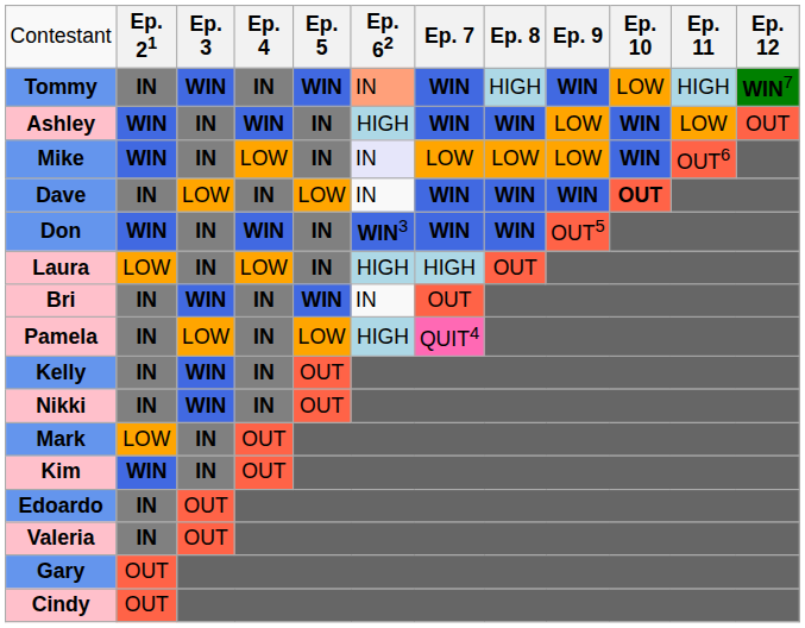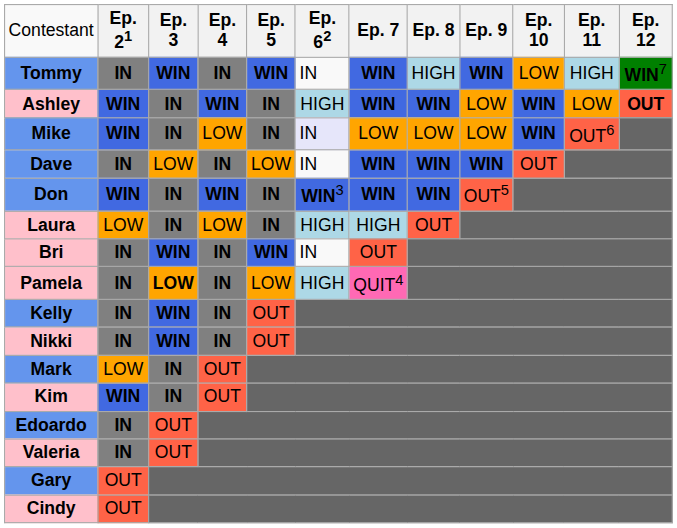 <table class="wikitable">
 <tr>
 <td align="center">Contestant</td>
 <th>Ep. 2<sup>1</sup></th>
 <th>Ep. 3</th>
 <th>Ep. 4</th>
 <th>Ep. 5</th>
 <th>Ep. 6<sup>2</sup></th>
 <th>Ep. 7</th>
 <th>Ep. 8</th>
 <th>Ep. 9</th>
 <th>Ep. 10</th>
 <th>Ep. 11</th>
 <th>Ep. 12</th>
 </tr>
 <tr>
 <td align="center" style="background:cornflowerblue;"><strong>Tommy</strong></td>
 <td align="center" style="background:gray;"><strong>IN</strong></td>
 <td align="center" style="background:royalblue;"><strong>WIN</strong></td>
 <td align="center" style="background:gray;"><strong>IN</strong></td>
 <td align="center" style="background:royalblue;"><strong>WIN</strong></td>
-<td style="background: lightsalmon;">IN</td>
+<td>IN</td>
 <td align="center" style="background:royalblue;"><strong>WIN</strong></td>
 <td align="center" style="background:lightblue;">HIGH</td>
 <td align="center" style="background:royalblue;"><strong>WIN</strong></td>
 <td align="center" style="background:orange;">LOW</td>
 <td align="center" style="background:lightblue;">HIGH</td>
 <td align="center" style="background:green;"><strong>WIN</strong><sup>7</sup></td>
 </tr>
 <tr>
 <td align="center" style="background:pink;"><strong>Ashley</strong></td>
 <td align="center" style="background:royalblue;"><strong>WIN</strong></td>
 <td align="center" style="background:gray;"><strong>IN</strong></td>
 <td align="center" style="background:royalblue;"><strong>WIN</strong></td>
 <td align="center" style="background:gray;"><strong>IN</strong></td>
 <td align="center" style="background:lightblue;">HIGH</td>
 <td align="center" style="background:royalblue;"><strong>WIN</strong></td>
 <td align="center" style="background:royalblue;"><strong>WIN</strong></td>
 <td align="center" style="background:orange;">LOW</td>
 <td align="center" style="background:royalblue;"><strong>WIN</strong></td>
 <td align="center" style="background:orange;">LOW</td>
-<td align="center" style="background:tomato;">OUT</td>
+<td align="center" style="background:tomato;"><strong>OUT</strong></td>
 </tr>
 <tr>
 <td align="center" style="background:cornflowerblue;"><strong>Mike</strong></td>
 <td align="center" style="background:royalblue;"><strong>WIN</strong></td>
 <td align="center" style="background:gray;"><strong>IN</strong></td>
 <td align="center" style="background:orange;">LOW</td>
 <td align="center" style="background:gray;"><strong>IN</strong></td>
 <td style="background: lavender;">IN</td>
 <td align="center" style="background:orange;">LOW</td>
 <td align="center" style="background:orange;">LOW</td>
 <td align="center" style="background:orange;">LOW</td>
 <td align="center" style="background:royalblue;"><strong>WIN</strong></td>
 <td align="center" style="background:tomato;">OUT<sup>6</sup></td>
 <td colspan="10" style="background:#666666;"></td>
 </tr>
 <tr>
 <td align="center" style="background:cornflowerblue;"><strong>Dave </strong></td>
 <td align="center" style="background:gray;"><strong>IN</strong></td>
 <td align="center" style="background:orange;">LOW</td>
 <td align="center" style="background:gray;"><strong>IN</strong></td>
 <td align="center" style="background:orange;">LOW</td>
 <td>IN</td>
 <td align="center" style="background:royalblue;"><strong>WIN</strong></td>
 <td align="center" style="background:royalblue;"><strong>WIN</strong></td>
 <td align="center" style="background:royalblue;"><strong>WIN</strong></td>
-<td align="center" style="background:tomato;"><strong>OUT</strong></td>
+<td align="center" style="background:tomato;">OUT</td>
 <td colspan="10" style="background:#666666;"></td>
 </tr>
 <tr>
 <td align="center" style="background:cornflowerblue;"><strong>Don</strong></td>
 <td align="center" style="background:royalblue;"><strong>WIN</strong></td>
 <td align="center" style="background:gray;"><strong>IN</strong></td>
 <td align="center" style="background:royalblue;"><strong>WIN</strong></td>
 <td align="center" style="background:gray;"><strong>IN</strong></td>
 <td align="center" style="background:royalblue;"><strong>WIN</strong><sup>3</sup></td>
 <td align="center" style="background:royalblue;"><strong>WIN</strong></td>
 <td align="center" style="background:royalblue;"><strong>WIN</strong></td>
 <td align="center" style="background:tomato;">OUT<sup>5</sup></td>
 <td colspan="10" style="background:#666666;"></td>
 </tr>
 <tr>
 <td align="center" style="background:pink;"><strong>Laura</strong></td>
 <td align="center" style="background:orange;">LOW</td>
 <td align="center" style="background:gray;"><strong>IN</strong></td>
 <td align="center" style="background:orange;">LOW</td>
 <td align="center" style="background:gray;"><strong>IN</strong></td>
 <td align="center" style="background:lightblue;">HIGH</td>
 <td align="center" style="background:lightblue;">HIGH</td>
 <td align="center" style="background:tomato;">OUT</td>
 <td colspan="10" style="background:#666666;"></td>
 </tr>
 <tr>
 <td align="center" style="background:pink;"><strong>Bri</strong></td>
 <td align="center" style="background:gray;"><strong>IN</strong></td>
 <td align="center" style="background:royalblue;"><strong>WIN</strong></td>
 <td align="center" style="background:gray;"><strong>IN</strong></td>
 <td align="center" style="background:royalblue;"><strong>WIN</strong></td>
 <td>IN</td>
 <td align="center" style="background:tomato;">OUT</td>
 <td colspan="10" style="background:#666666;"></td>
 </tr>
 <tr>
 <td align="center" style="background:pink;"><strong>Pamela</strong></td>
 <td align="center" style="background:gray;"><strong>IN</strong></td>
-<td align="center" style="background:orange;">LOW</td>
+<td align="center" style="background:orange;"><strong>LOW</strong></td>
 <td align="center" style="background:gray;"><strong>IN</strong></td>
 <td align="center" style="background:orange;">LOW</td>
 <td align="center" style="background:lightblue;">HIGH</td>
 <td align="center" style="background:hotpink;">QUIT<sup>4</sup></td>
 <td colspan="10" style="background:#666666;"></td>
 </tr>
 <tr>
 <td align="center" style="background:cornflowerblue;"><strong>Kelly</strong></td>
 <td align="center" style="background:gray;"><strong>IN</strong></td>
 <td align="center" style="background:royalblue;"><strong>WIN</strong></td>
 <td align="center" style="background:gray;"><strong>IN</strong></td>
 <td align="center" style="background:tomato;">OUT</td>
 <td colspan="10" style="background:#666666;"></td>
 </tr>
 <tr>
 <td align="center" style="background:pink;"><strong>Nikki</strong></td>
 <td align="center" style="background:gray;"><strong>IN</strong></td>
 <td align="center" style="background:royalblue;"><strong>WIN</strong></td>
 <td align="center" style="background:gray;"><strong>IN</strong></td>
 <td align="center" style="background:tomato;">OUT</td>
 <td colspan="10" style="background:#666666;"></td>
 </tr>
 <tr>
 <td align="center" style="background:cornflowerblue;"><strong>Mark</strong></td>
 <td align="center" style="background:orange;">LOW</td>
 <td align="center" style="background:gray;"><strong>IN</strong></td>
 <td align="center" style="background:tomato;">OUT</td>
 <td colspan="10" style="background:#666666;"></td>
 </tr>
 <tr>
 <td align="center" style="background:pink;"><strong>Kim</strong></td>
 <td align="center" style="background:royalblue;"><strong>WIN</strong></td>
 <td align="center" style="background:gray;"><strong>IN</strong></td>
 <td align="center" style="background:tomato;">OUT</td>
 <td colspan="10" style="background:#666666;"></td>
 </tr>
 <tr>
 <td align="center" style="background:cornflowerblue;"><strong> Edoardo</strong></td>
 <td align="center" style="background:gray;"><strong>IN</strong></td>
 <td align="center" style="background:tomato;">OUT</td>
 <td colspan="10" style="background:#666666;"></td>
 </tr>
 <tr>
 <td align="center" style="background:pink;"><strong>Valeria</strong></td>
 <td align="center" style="background:gray;"><strong>IN</strong></td>
 <td align="center" style="background:tomato;">OUT</td>
 <td colspan="9" style="background:#666666;"></td>
 </tr>
 <tr>
 <td align="center" style="background:cornflowerblue;"><strong>Gary</strong></td>
 <td align="center" style="background:tomato;">OUT</td>
 <td colspan="10" style="background:#666666;"></td>
 </tr>
 <tr>
 <td align="center" style="background:pink;"><strong>Cindy</strong></td>
 <td align="center" style="background:tomato;">OUT</td>
 <td colspan="10" style="background:#666666;"></td>
 </tr>
 </table>
